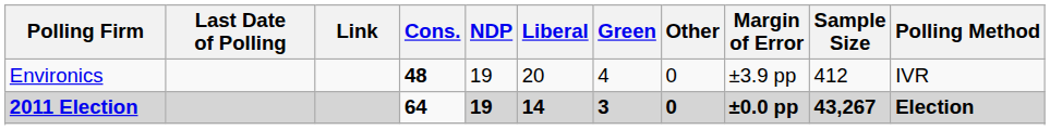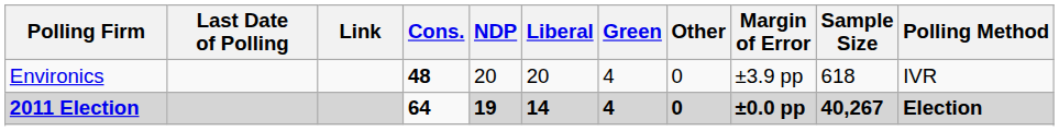 <table class="wikitable sortable">
 <tr style="background:#e9e9e9;">
 <th style="width:120px">Polling Firm</th>
 <th style="width:110px">Last Date<br>of Polling</th>
 <th style="width:60px" class="unsortable">Link</th>
 <th style="background-color:"><strong><a href='#'>Cons.</a></strong></th>
 <th style="background-color:"><strong><a href='#'>NDP</a></strong></th>
 <th style="background-color:"><strong><a href='#'>Liberal</a></strong></th>
 <th style="background-color:"><strong><a href='#'>Green</a></strong></th>
 <th style="background-color:"><strong>Other</strong></th>
 <th style="width:60px;" class=unsortable>Margin<br>of Error</th>
 <th style="width:50px;" class=unsortable>Sample<br>Size</th>
 <th class=unsortable>Polling Method</th>
 </tr>
 <tr>
 <td><a href='#'>Environics</a></td>
 <td></td>
 <td></td>
 <td><strong>48</strong></td>
-<td>19</td>
+<td>20</td>
 <td>20</td>
 <td>4</td>
 <td>0</td>
 <td>±3.9 pp</td>
-<td>412</td>
+<td>618</td>
 <td>IVR</td>
 </tr>
 <tr>
 <td style="background:#D5D5D5"><strong><a href='#'>2011 Election</a></strong></td>
 <td style="background:#D5D5D5"><strong></strong></td>
 <td style="background:#D5D5D5"></td>
 <td><strong>64</strong></td>
 <td style="background:#D5D5D5"><strong>19</strong></td>
 <td style="background:#D5D5D5"><strong>14</strong></td>
-<td style="background:#D5D5D5"><strong>3</strong></td>
+<td style="background:#D5D5D5"><strong>4</strong></td>
 <td style="background:#D5D5D5"><strong>0</strong></td>
 <td style="background:#D5D5D5"><strong>±0.0 pp</strong></td>
-<td style="background:#D5D5D5"><strong>43,267</strong></td>
+<td style="background:#D5D5D5"><strong>40,267</strong></td>
 <td style="background:#D5D5D5"><strong>Election</strong></td>
 </tr>
 <tr>
 </tr>
 <tr>
 </tr>
 </table>
